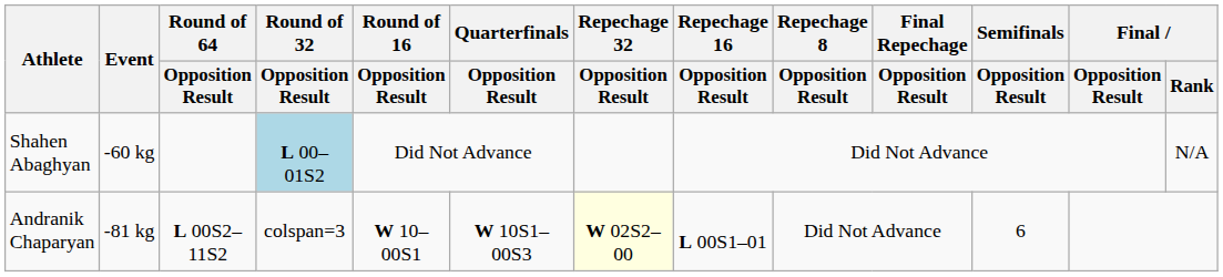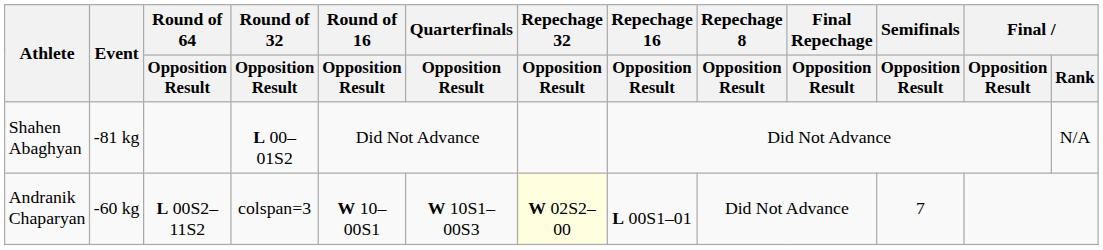 <table class="wikitable" style="font-size:90%">
 <tr>
 <th rowspan="2">Athlete</th>
 <th rowspan="2">Event</th>
 <th>Round of 64</th>
 <th>Round of 32</th>
 <th>Round of 16</th>
 <th>Quarterfinals</th>
 <th>Repechage 32</th>
 <th>Repechage 16</th>
 <th>Repechage 8</th>
 <th>Final Repechage</th>
 <th>Semifinals</th>
 <th colspan=2>Final / </th>
 </tr>
 <tr style="font-size:95%">
 <th>Opposition<br>Result</th>
 <th>Opposition<br>Result</th>
 <th>Opposition<br>Result</th>
 <th>Opposition<br>Result</th>
 <th>Opposition<br>Result</th>
 <th>Opposition<br>Result</th>
 <th>Opposition<br>Result</th>
 <th>Opposition<br>Result</th>
 <th>Opposition<br>Result</th>
 <th>Opposition<br>Result</th>
 <th>Rank</th>
 </tr>
 <tr align=center>
 <td align=left>Shahen Abaghyan</td>
-<td align=left>-60 kg</td>
+<td align=left>-81 kg</td>
 <td></td>
-<td style="background: lightblue;"><br><strong>L</strong> 00–01S2</td>
+<td><br><strong>L</strong> 00–01S2</td>
 <td colspan=2>Did Not Advance</td>
 <td></td>
 <td colspan=5>Did Not Advance</td>
 <td>N/A</td>
 </tr>
 <tr align=center>
 <td align=left>Andranik Chaparyan</td>
-<td align=left>-81 kg</td>
+<td align=left>-60 kg</td>
 <td><br><strong>L</strong> 00S2–11S2</td>
 <td>colspan=3 </td>
 <td><br><strong>W</strong> 10–00S1</td>
 <td><br><strong>W</strong> 10S1–00S3</td>
 <td style="background: lightyellow;"><br><strong>W</strong> 02S2–00</td>
 <td><br><strong>L</strong> 00S1–01</td>
 <td colspan=2>Did Not Advance</td>
-<td>6</td>
+<td>7</td>
 </tr>
 </table>
